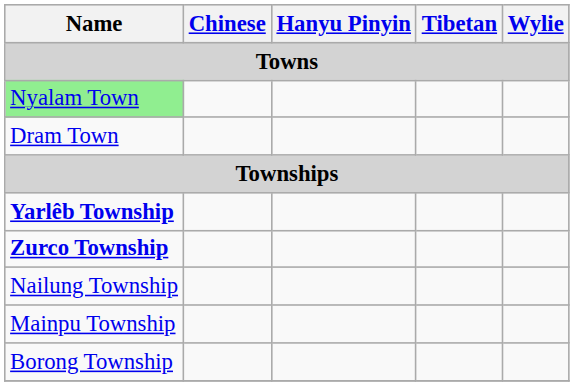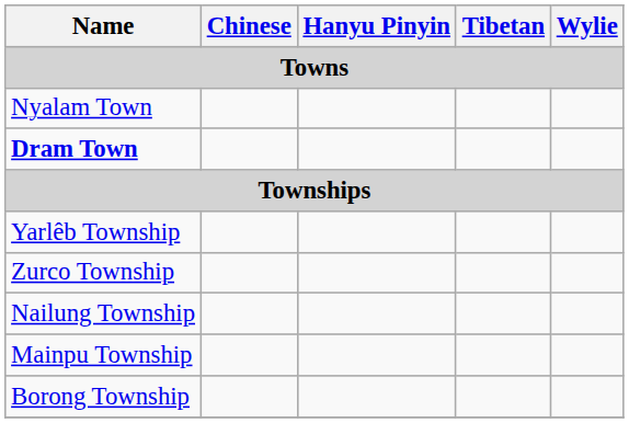 <table class="wikitable"  style="font-size:90%;" align=center>
 <tr>
 <th>Name</th>
 <th><a href='#'>Chinese</a></th>
 <th><a href='#'>Hanyu Pinyin</a></th>
 <th><a href='#'>Tibetan</a></th>
 <th><a href='#'>Wylie</a></th>
 </tr>
 <tr --------->
 <td colspan="7"  style="text-align:center; background:#d3d3d3;"><strong>Towns</strong></td>
 </tr>
 <tr --------->
-<td style="background: lightgreen;"><a href='#'>Nyalam Town</a></td>
+<td><a href='#'>Nyalam Town</a></td>
 <td></td>
 <td></td>
 <td></td>
 <td></td>
 </tr>
 <tr>
-<td><a href='#'>Dram Town</a></td>
+<td><strong><a href='#'>Dram Town</a></strong></td>
 <td></td>
 <td></td>
 <td></td>
 <td></td>
 </tr>
 <tr --------->
 <td colspan="7"  style="text-align:center; background:#d3d3d3;"><strong>Townships</strong></td>
 </tr>
 <tr --------->
-<td><strong><a href='#'>Yarlêb Township</a></strong></td>
+<td><a href='#'>Yarlêb Township</a></td>
 <td></td>
 <td></td>
 <td></td>
 <td></td>
 </tr>
 <tr>
-<td><strong><a href='#'>Zurco Township</a></strong></td>
+<td><a href='#'>Zurco Township</a></td>
 <td></td>
 <td></td>
 <td></td>
 <td></td>
 </tr>
 <tr>
 <td><a href='#'>Nailung Township</a></td>
 <td></td>
 <td></td>
 <td></td>
 <td></td>
 </tr>
 <tr>
 <td><a href='#'>Mainpu Township</a></td>
 <td></td>
 <td></td>
 <td></td>
 <td></td>
 </tr>
 <tr>
 <td><a href='#'>Borong Township</a></td>
 <td></td>
 <td></td>
 <td></td>
 <td></td>
 </tr>
 <tr>
 </tr>
 </table>
